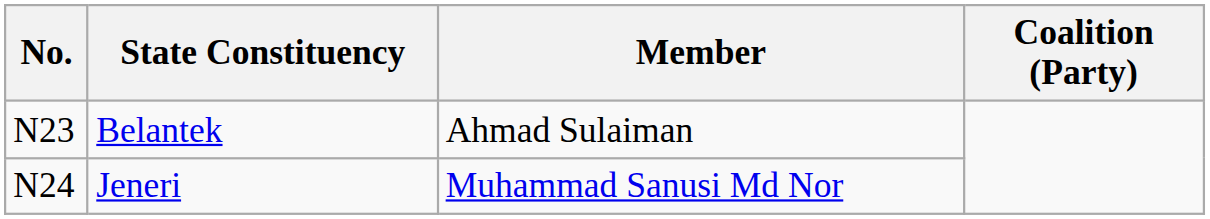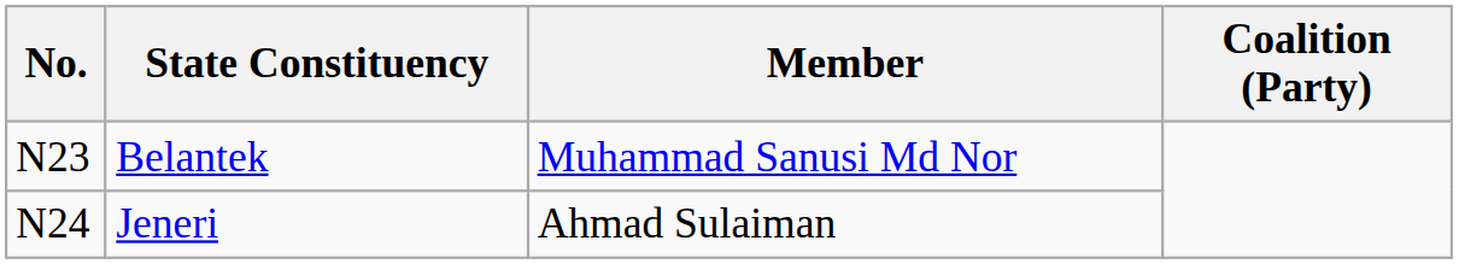 <table class="wikitable">
 <tr>
 <th width="30">No.</th>
 <th width="150">State Constituency</th>
 <th width="230">Member</th>
 <th width="100">Coalition (Party)</th>
 </tr>
 <tr>
 <td>N23</td>
 <td><a href='#'>Belantek</a></td>
-<td>Ahmad Sulaiman</td>
+<td><a href='#'>Muhammad Sanusi Md Nor</a></td>
 <td rowspan=2></td>
 </tr>
 <tr>
 <td>N24</td>
 <td><a href='#'>Jeneri</a></td>
-<td><a href='#'>Muhammad Sanusi Md Nor</a></td>
+<td>Ahmad Sulaiman</td>
 </tr>
 </table>
